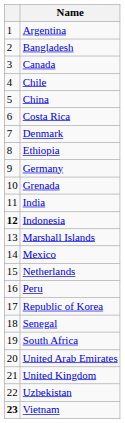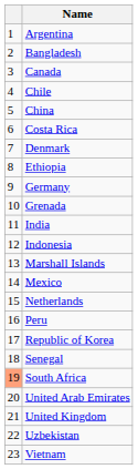 <table class="wikitable">
 <tr>
 <th></th>
 <th>Name</th>
 </tr>
 <tr>
 <td>1</td>
 <td> <a href='#'>Argentina</a></td>
 </tr>
 <tr>
 <td>2</td>
 <td> <a href='#'>Bangladesh</a></td>
 </tr>
 <tr>
 <td>3</td>
 <td> <a href='#'>Canada</a></td>
 </tr>
 <tr>
 <td>4</td>
 <td> <a href='#'>Chile</a></td>
 </tr>
 <tr>
 <td>5</td>
 <td> <a href='#'>China</a></td>
 </tr>
 <tr>
 <td>6</td>
 <td> <a href='#'>Costa Rica</a></td>
 </tr>
 <tr>
 <td>7</td>
 <td>  <a href='#'>Denmark</a></td>
 </tr>
 <tr>
 <td>8</td>
 <td> <a href='#'>Ethiopia</a></td>
 </tr>
 <tr>
 <td>9</td>
 <td> <a href='#'>Germany</a></td>
 </tr>
 <tr>
 <td>10</td>
 <td> <a href='#'>Grenada</a></td>
 </tr>
 <tr>
 <td>11</td>
 <td> <a href='#'>India</a></td>
 </tr>
 <tr>
-<td><strong>12</strong></td>
+<td>12</td>
 <td> <a href='#'>Indonesia</a></td>
 </tr>
 <tr>
 <td>13</td>
 <td> <a href='#'>Marshall Islands</a></td>
 </tr>
 <tr>
 <td>14</td>
 <td> <a href='#'>Mexico</a></td>
 </tr>
 <tr>
 <td>15</td>
 <td> <a href='#'>Netherlands</a></td>
 </tr>
 <tr>
 <td>16</td>
 <td> <a href='#'>Peru</a></td>
 </tr>
 <tr>
 <td>17</td>
 <td> <a href='#'>Republic of Korea</a></td>
 </tr>
 <tr>
 <td>18</td>
 <td> <a href='#'>Senegal</a></td>
 </tr>
 <tr>
-<td>19</td>
+<td style="background: lightsalmon;">19</td>
 <td> <a href='#'>South Africa</a></td>
 </tr>
 <tr>
 <td>20</td>
 <td> <a href='#'>United Arab Emirates</a></td>
 </tr>
 <tr>
 <td>21</td>
 <td> <a href='#'>United Kingdom</a></td>
 </tr>
 <tr>
 <td>22</td>
 <td> <a href='#'>Uzbekistan</a></td>
 </tr>
 <tr>
-<td><strong>23</strong></td>
+<td>23</td>
 <td> <a href='#'>Vietnam</a></td>
 </tr>
 </table>
